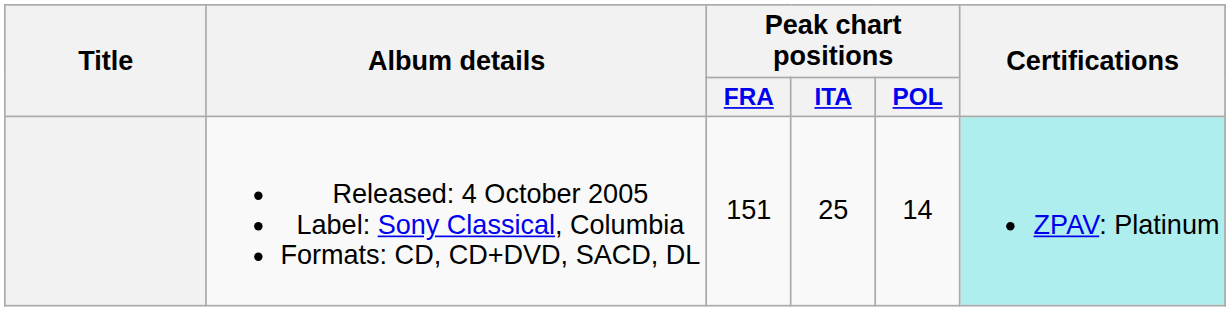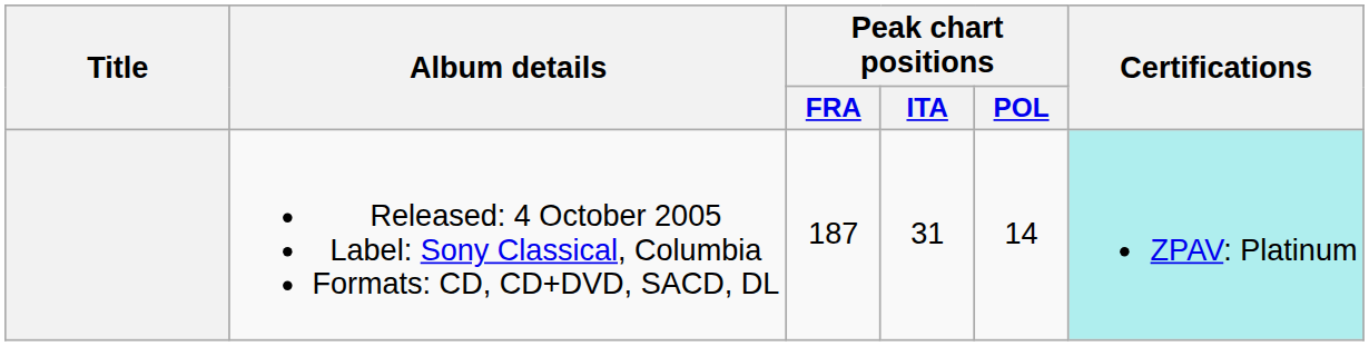 <table class="wikitable plainrowheaders" style="text-align:center;">
 <tr>
 <th scope="col" rowspan="2" style="width:7em;">Title</th>
 <th scope="col" rowspan="2">Album details</th>
 <th scope="col" colspan="3">Peak chart positions</th>
 <th scope="col" rowspan="2">Certifications</th>
 </tr>
 <tr>
 <th scope="col" style="width:3em;font-size:90%;"><a href='#'>FRA</a><br></th>
 <th scope="col" style="width:3em;font-size:90%;"><a href='#'>ITA</a><br></th>
 <th scope="col" style="width:3em;font-size:90%;"><a href='#'>POL</a><br></th>
 </tr>
 <tr>
 <th scope="row"><em></em></th>
 <td><br><ul><li>Released: 4 October 2005</li><li>Label: <a href='#'>Sony Classical</a>, Columbia</li><li>Formats: CD, CD+DVD, SACD, DL</li></ul></td>
-<td>151</td>
-<td>25</td>
+<td>187</td>
+<td>31</td>
 <td>14</td>
 <td style="background: paleturquoise;"><br><ul><li><a href='#'>ZPAV</a>: Platinum</li></ul></td>
 </tr>
 </table>
